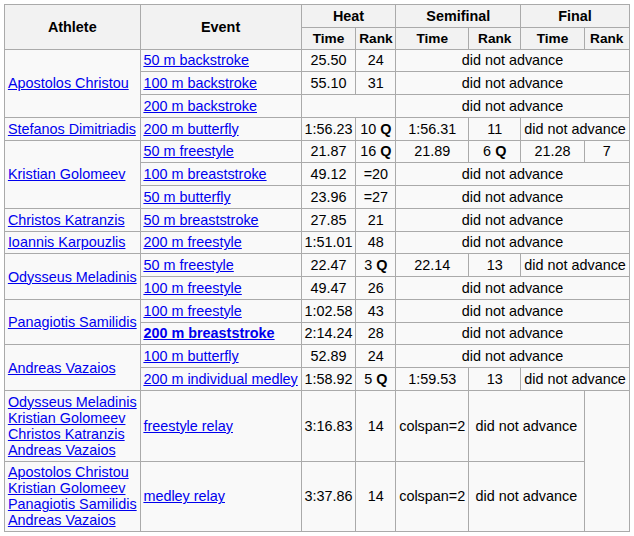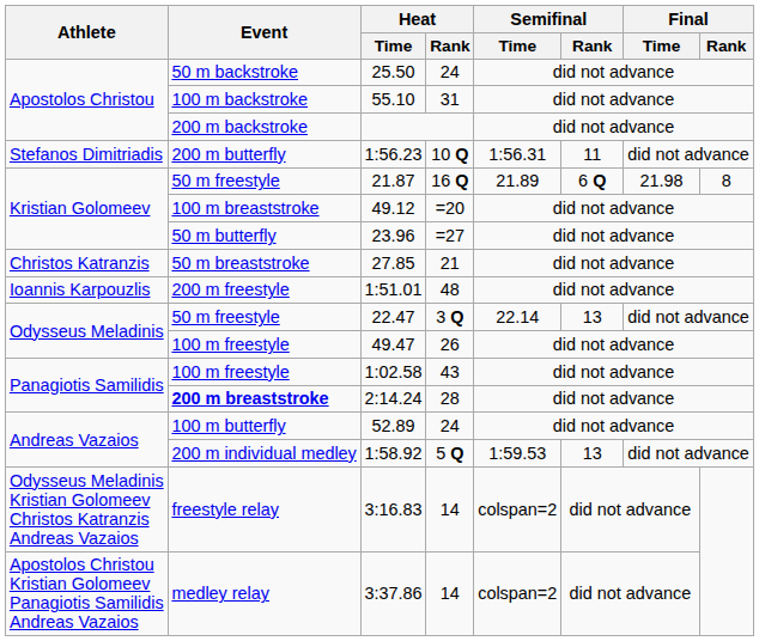 <table class=wikitable style="font-size:90%">
 <tr>
 <th rowspan="2">Athlete</th>
 <th rowspan="2">Event</th>
 <th colspan="2">Heat</th>
 <th colspan="2">Semifinal</th>
 <th colspan="2">Final</th>
 </tr>
 <tr style="font-size:95%">
 <th>Time</th>
 <th>Rank</th>
 <th>Time</th>
 <th>Rank</th>
 <th>Time</th>
 <th>Rank</th>
 </tr>
 <tr align=center>
 <td align=left rowspan=3><a href='#'>Apostolos Christou</a></td>
 <td align=left><a href='#'>50 m backstroke</a></td>
 <td>25.50</td>
 <td>24</td>
 <td colspan=4>did not advance</td>
 </tr>
 <tr align=center>
 <td align=left><a href='#'>100 m backstroke</a></td>
 <td>55.10</td>
 <td>31</td>
 <td colspan=4>did not advance</td>
 </tr>
 <tr align=center>
 <td align=left><a href='#'>200 m backstroke</a></td>
 <td colspan=2></td>
 <td colspan=4>did not advance</td>
 </tr>
 <tr align=center>
 <td align=left><a href='#'>Stefanos Dimitriadis</a></td>
 <td align=left><a href='#'>200 m butterfly</a></td>
 <td>1:56.23</td>
 <td>10 <strong>Q</strong></td>
 <td>1:56.31</td>
 <td>11</td>
 <td colspan=2>did not advance</td>
 </tr>
 <tr align=center>
 <td align=left rowspan=3><a href='#'>Kristian Golomeev</a></td>
 <td align=left><a href='#'>50 m freestyle</a></td>
 <td>21.87</td>
 <td>16 <strong>Q</strong></td>
 <td>21.89</td>
 <td>6 <strong>Q</strong></td>
-<td>21.28</td>
-<td>7</td>
+<td>21.98</td>
+<td>8</td>
 </tr>
 <tr align=center>
 <td align=left><a href='#'>100 m breaststroke</a></td>
 <td>49.12</td>
 <td>=20</td>
 <td colspan=4>did not advance</td>
 </tr>
 <tr align=center>
 <td align=left><a href='#'>50 m butterfly</a></td>
 <td>23.96</td>
 <td>=27</td>
 <td colspan=4>did not advance</td>
 </tr>
 <tr align=center>
 <td align=left><a href='#'>Christos Katranzis</a></td>
 <td align=left><a href='#'>50 m breaststroke</a></td>
 <td>27.85</td>
 <td>21</td>
 <td colspan=4>did not advance</td>
 </tr>
 <tr align=center>
 <td align=left><a href='#'>Ioannis Karpouzlis</a></td>
 <td align=left><a href='#'>200 m freestyle</a></td>
 <td>1:51.01</td>
 <td>48</td>
 <td colspan=4>did not advance</td>
 </tr>
 <tr align=center>
 <td align=left rowspan=2><a href='#'>Odysseus Meladinis</a></td>
 <td align=left><a href='#'>50 m freestyle</a></td>
 <td>22.47</td>
 <td>3 <strong>Q</strong></td>
 <td>22.14</td>
 <td>13</td>
 <td colspan=2>did not advance</td>
 </tr>
 <tr align=center>
 <td align=left><a href='#'>100 m freestyle</a></td>
 <td>49.47</td>
 <td>26</td>
 <td colspan=4>did not advance</td>
 </tr>
 <tr align=center>
 <td align=left rowspan=2><a href='#'>Panagiotis Samilidis</a></td>
 <td align=left><a href='#'>100 m freestyle</a></td>
 <td>1:02.58</td>
 <td>43</td>
 <td colspan=4>did not advance</td>
 </tr>
 <tr align=center>
 <td align=left><strong><a href='#'>200 m breaststroke</a></strong></td>
 <td>2:14.24</td>
 <td>28</td>
 <td colspan=4>did not advance</td>
 </tr>
 <tr align=center>
 <td align=left rowspan=2><a href='#'>Andreas Vazaios</a></td>
 <td align=left><a href='#'>100 m butterfly</a></td>
 <td>52.89</td>
 <td>24</td>
 <td colspan=4>did not advance</td>
 </tr>
 <tr align=center>
 <td align=left><a href='#'>200 m individual medley</a></td>
 <td>1:58.92</td>
 <td>5 <strong>Q</strong></td>
 <td>1:59.53</td>
 <td>13</td>
 <td colspan=2>did not advance</td>
 </tr>
 <tr align=center>
 <td align=left><a href='#'>Odysseus Meladinis</a><br><a href='#'>Kristian Golomeev</a><br><a href='#'>Christos Katranzis</a><br><a href='#'>Andreas Vazaios</a></td>
 <td align=left><a href='#'> freestyle relay</a></td>
 <td>3:16.83</td>
 <td>14</td>
 <td>colspan=2 </td>
 <td colspan=2>did not advance</td>
 </tr>
 <tr align=center>
 <td align=left><a href='#'>Apostolos Christou</a><br><a href='#'>Kristian Golomeev</a><br><a href='#'>Panagiotis Samilidis</a><br><a href='#'>Andreas Vazaios</a></td>
 <td align=left><a href='#'> medley relay</a></td>
 <td>3:37.86</td>
 <td>14</td>
 <td>colspan=2 </td>
 <td colspan=2>did not advance</td>
 </tr>
 </table>
